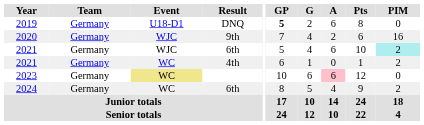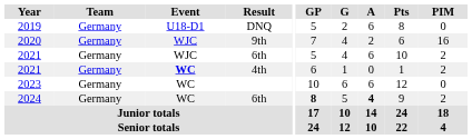 <table border="0" cellpadding="1" cellspacing="0" ID="Table3" style="text-align:center; width:40em">
 <tr bgcolor="#e0e0e0">
 <th>Year</th>
 <th>Team</th>
 <th>Event</th>
 <th>Result</th>
 <th rowspan="102" bgcolor="#fff"></th>
 <th>GP</th>
 <th>G</th>
 <th>A</th>
 <th>Pts</th>
 <th>PIM</th>
 </tr>
 <tr>
 <td><a href='#'>2019</a></td>
 <td><a href='#'>Germany</a></td>
 <td><a href='#'>U18-D1</a></td>
 <td>DNQ</td>
-<td><strong>5</strong></td>
+<td>5</td>
 <td>2</td>
 <td>6</td>
 <td>8</td>
 <td>0</td>
 </tr>
 <tr bgcolor="#f0f0f0">
 <td><a href='#'>2020</a></td>
 <td><a href='#'>Germany</a></td>
 <td><a href='#'>WJC</a></td>
 <td>9th</td>
 <td>7</td>
 <td>4</td>
 <td>2</td>
 <td>6</td>
 <td>16</td>
 </tr>
 <tr>
 <td><a href='#'>2021</a></td>
 <td>Germany</td>
 <td>WJC</td>
 <td>6th</td>
 <td>5</td>
 <td>4</td>
 <td>6</td>
 <td>10</td>
-<td style="background: paleturquoise;">2</td>
+<td>2</td>
 </tr>
 <tr bgcolor="#f0f0f0">
 <td><a href='#'>2021</a></td>
 <td><a href='#'>Germany</a></td>
-<td><a href='#'>WC</a></td>
+<td><strong><a href='#'>WC</a></strong></td>
 <td>4th</td>
 <td>6</td>
 <td>1</td>
 <td>0</td>
 <td>1</td>
 <td>2</td>
 </tr>
 <tr>
 <td><a href='#'>2023</a></td>
 <td>Germany</td>
-<td style="background: khaki;">WC</td>
+<td>WC</td>
 <td></td>
 <td>10</td>
 <td>6</td>
-<td style="background: pink;">6</td>
+<td>6</td>
 <td>12</td>
 <td>0</td>
 </tr>
 <tr bgcolor="#f0f0f0">
 <td><a href='#'>2024</a></td>
 <td>Germany</td>
 <td>WC</td>
 <td>6th</td>
-<td>8</td>
+<td><strong>8</strong></td>
 <td>5</td>
-<td>4</td>
+<td><strong>4</strong></td>
 <td>9</td>
 <td>2</td>
 </tr>
 <tr bgcolor="#e0e0e0">
 <th colspan="4">Junior totals</th>
 <th>17</th>
 <th>10</th>
 <th>14</th>
 <th>24</th>
 <th>18</th>
 </tr>
 <tr bgcolor="#e0e0e0">
 <th colspan="4">Senior totals</th>
 <th>24</th>
 <th>12</th>
 <th>10</th>
 <th>22</th>
 <th>4</th>
 </tr>
 </table>
